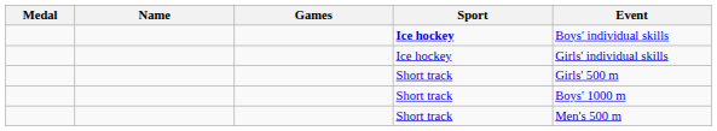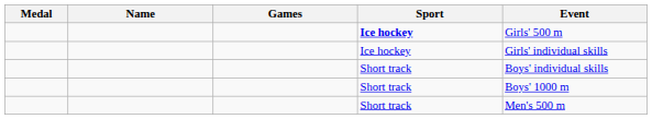 <table class="wikitable sortable">
 <tr>
 <th style="width:5em">Medal</th>
 <th style="width:12em">Name</th>
 <th style="width:12em">Games</th>
 <th style="width:12em">Sport</th>
 <th style="width:12em">Event</th>
 </tr>
 <tr>
 <td></td>
 <td></td>
 <td></td>
 <td><strong> <a href='#'>Ice hockey</a></strong></td>
-<td><a href='#'>Boys' individual skills</a></td>
+<td><a href='#'>Girls' 500 m</a></td>
 </tr>
 <tr>
 <td></td>
 <td></td>
 <td></td>
 <td> <a href='#'>Ice hockey</a></td>
 <td><a href='#'>Girls' individual skills</a></td>
 </tr>
 <tr>
 <td></td>
 <td></td>
 <td></td>
 <td> <a href='#'>Short track</a></td>
-<td><a href='#'>Girls' 500 m</a></td>
+<td><a href='#'>Boys' individual skills</a></td>
 </tr>
 <tr>
 <td></td>
 <td></td>
 <td></td>
 <td> <a href='#'>Short track</a></td>
 <td><a href='#'>Boys' 1000 m</a></td>
 </tr>
 <tr>
 <td></td>
 <td></td>
 <td></td>
 <td> <a href='#'>Short track</a></td>
 <td><a href='#'>Men's 500 m</a></td>
 </tr>
 </table>
